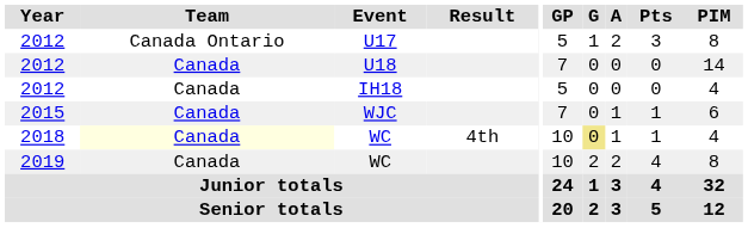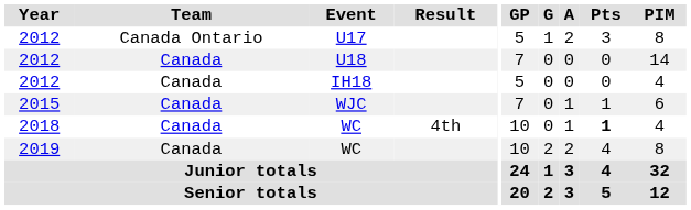 <table border="0" cellpadding="1" cellspacing="0" ID="Table3" style="text-align:center; width:40em">
 <tr ALIGN="centre" bgcolor="#e0e0e0">
 <th>Year</th>
 <th>Team</th>
 <th>Event</th>
 <th>Result</th>
 <th rowspan="99" bgcolor="#ffffff"></th>
 <th>GP</th>
 <th>G</th>
 <th>A</th>
 <th>Pts</th>
 <th>PIM</th>
 </tr>
 <tr>
 <td><a href='#'>2012</a></td>
 <td>Canada Ontario</td>
 <td><a href='#'>U17</a></td>
 <td></td>
 <td>5</td>
 <td>1</td>
 <td>2</td>
 <td>3</td>
 <td>8</td>
 </tr>
 <tr bgcolor="#f0f0f0">
 <td><a href='#'>2012</a></td>
 <td><a href='#'>Canada</a></td>
 <td><a href='#'>U18</a></td>
 <td></td>
 <td>7</td>
 <td>0</td>
 <td>0</td>
 <td>0</td>
 <td>14</td>
 </tr>
 <tr ALIGN="centre">
 <td><a href='#'>2012</a></td>
 <td>Canada</td>
 <td><a href='#'>IH18</a></td>
 <td></td>
 <td>5</td>
 <td>0</td>
 <td>0</td>
 <td>0</td>
 <td>4</td>
 </tr>
 <tr bgcolor="#f0f0f0">
 <td><a href='#'>2015</a></td>
 <td><a href='#'>Canada</a></td>
 <td><a href='#'>WJC</a></td>
 <td></td>
 <td>7</td>
 <td>0</td>
 <td>1</td>
 <td>1</td>
 <td>6</td>
 </tr>
 <tr ALIGN="centre">
 <td><a href='#'>2018</a></td>
-<td style="background: lightyellow;"><a href='#'>Canada</a></td>
+<td><a href='#'>Canada</a></td>
 <td><a href='#'>WC</a></td>
 <td>4th</td>
 <td>10</td>
-<td style="background: khaki;">0</td>
+<td>0</td>
 <td>1</td>
-<td>1</td>
+<td><strong>1</strong></td>
 <td>4</td>
 </tr>
 <tr bgcolor="#f0f0f0">
 <td><a href='#'>2019</a></td>
 <td>Canada</td>
 <td>WC</td>
 <td></td>
 <td>10</td>
 <td>2</td>
 <td>2</td>
 <td>4</td>
 <td>8</td>
 </tr>
 <tr ALIGN="centre" bgcolor="#e0e0e0">
 <th colspan=4>Junior totals</th>
 <th>24</th>
 <th>1</th>
 <th>3</th>
 <th>4</th>
 <th>32</th>
 </tr>
 <tr ALIGN="centre" bgcolor="#e0e0e0">
 <th colspan=4>Senior totals</th>
 <th>20</th>
 <th>2</th>
 <th>3</th>
 <th>5</th>
 <th>12</th>
 </tr>
 </table>
